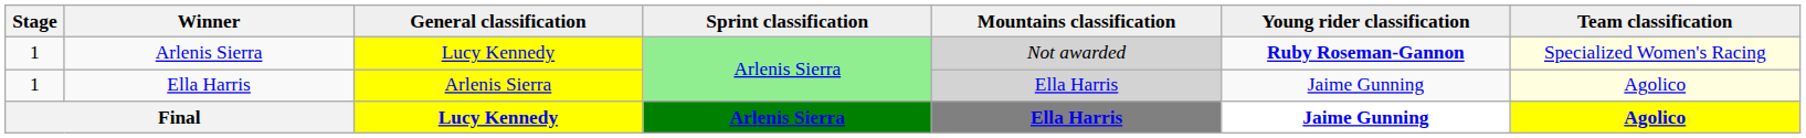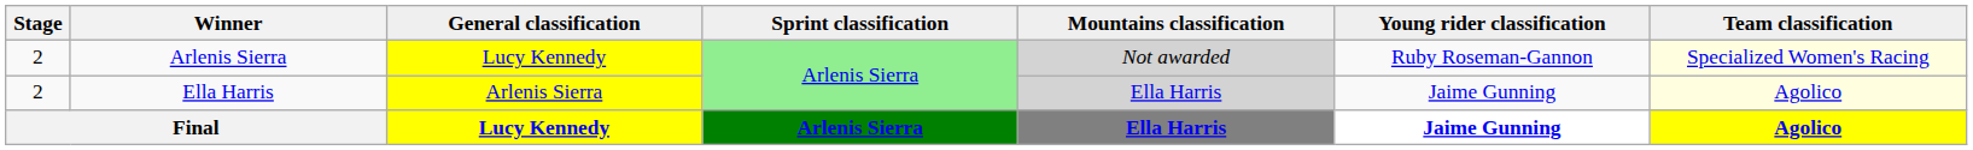 <table class="wikitable" style="text-align: center; font-size:smaller;">
 <tr style="background:#efefef;">
 <th style="width:2%;">Stage</th>
 <th style="width:14%;">Winner</th>
 <th style="background:#efefef; width:14%;">General classification<br></th>
 <th style="background:#efefef; width:14%;">Sprint classification<br></th>
 <th style="background:#efefef; width:14%;">Mountains classification<br></th>
 <th style="background:#efefef; width:14%;">Young rider classification<br></th>
 <th style="background:#efefef; width:14%;">Team classification</th>
 </tr>
 <tr>
-<td>1</td>
+<td>2</td>
 <td><a href='#'>Arlenis Sierra</a></td>
 <td style="background:yellow;" rowspan=1><a href='#'>Lucy Kennedy</a></td>
 <td style="background:lightgreen;" rowspan=2><a href='#'>Arlenis Sierra</a></td>
 <td style="background:lightgrey;" rowspan=1><em>Not awarded</em></td>
-<td style="background:offwhite;"><strong><a href='#'>Ruby Roseman-Gannon</a></strong></td>
+<td style="background:offwhite;"><a href='#'>Ruby Roseman-Gannon</a></td>
 <td style="background:lightyellow;" rowspan=1><a href='#'>Specialized Women's Racing</a></td>
 </tr>
 <tr>
-<td>1</td>
+<td>2</td>
 <td><a href='#'>Ella Harris</a></td>
 <td style="background:yellow;" rowspan=1><a href='#'>Arlenis Sierra</a></td>
 <td style="background:lightgrey;" rowspan=1><a href='#'>Ella Harris</a></td>
 <td style="background:offwhite;"><a href='#'>Jaime Gunning</a></td>
 <td style="background:lightyellow;" rowspan=1><a href='#'>Agolico</a></td>
 </tr>
 <tr>
 <th colspan=2>Final</th>
 <th style="background:yellow"><a href='#'>Lucy Kennedy</a></th>
 <th style="background:green"><a href='#'>Arlenis Sierra</a></th>
 <th style="background:grey"><a href='#'>Ella Harris</a></th>
 <th style="background:white"><a href='#'>Jaime Gunning</a></th>
 <th style="background:yellow;"><a href='#'>Agolico</a></th>
 </tr>
 </table>
